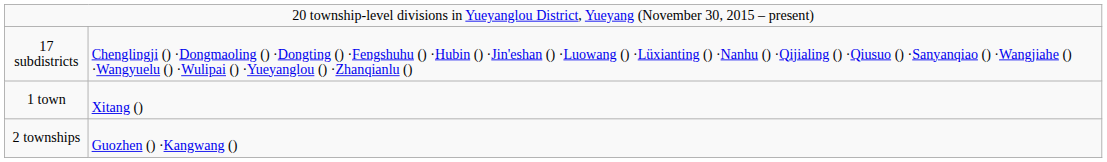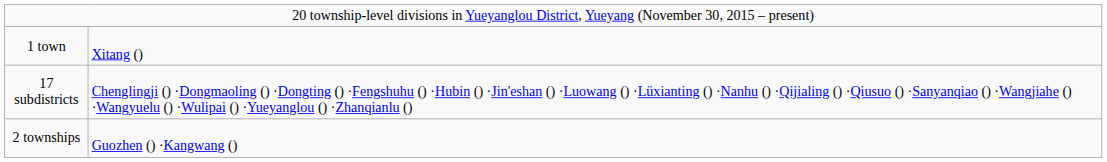 <table class="wikitable">
 <tr>
 <td style="text-align:center;" colspan="2">20 township-level divisions in <a href='#'>Yueyanglou District</a>, <a href='#'>Yueyang</a> (November 30, 2015 – present)</td>
+</tr>
+<tr align=left>
+<td align=center>1 town</td>
+<td><br><a href='#'>Xitang</a> ()</td>
 </tr>
 <tr align=left>
 <td align=center>17 subdistricts</td>
 <td><br><a href='#'>Chenglingji</a> () ·<a href='#'>Dongmaoling</a> () ·<a href='#'>Dongting</a> () ·<a href='#'>Fengshuhu</a> () ·<a href='#'>Hubin</a> () ·<a href='#'>Jin'eshan</a> () ·<a href='#'>Luowang</a> () ·<a href='#'>Lüxianting</a> () ·<a href='#'>Nanhu</a> () ·<a href='#'>Qijialing</a> () ·<a href='#'>Qiusuo</a> () ·<a href='#'>Sanyanqiao</a> () ·<a href='#'>Wangjiahe</a> () ·<a href='#'>Wangyuelu</a> () ·<a href='#'>Wulipai</a> () ·<a href='#'>Yueyanglou</a> () ·<a href='#'>Zhanqianlu</a> ()</td>
 </tr>
 <tr align=left>
-<td align=center>1 town</td>
-<td><br><a href='#'>Xitang</a> ()</td>
-</tr>
-<tr align=left>
 <td align=center>2 townships</td>
 <td><br><a href='#'>Guozhen</a> () ·<a href='#'>Kangwang</a> ()</td>
 </tr>
 </table>
